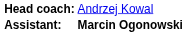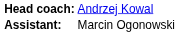 <table>
 <tr>
 <td><strong>Head coach:</strong></td>
 <td> <a href='#'>Andrzej Kowal</a></td>
 </tr>
 <tr>
 <td><strong>Assistant:</strong></td>
-<td><strong> Marcin Ogonowski</strong></td>
+<td> Marcin Ogonowski</td>
 </tr>
 </table>
